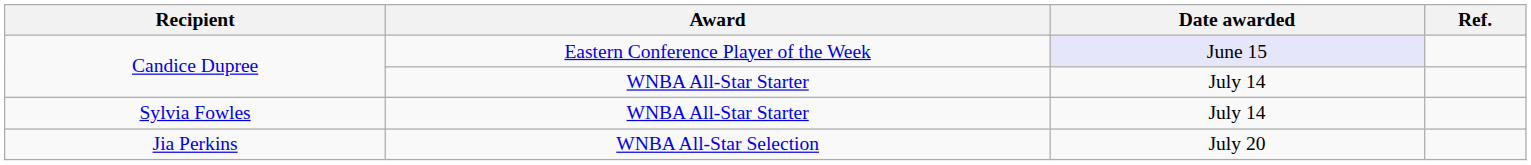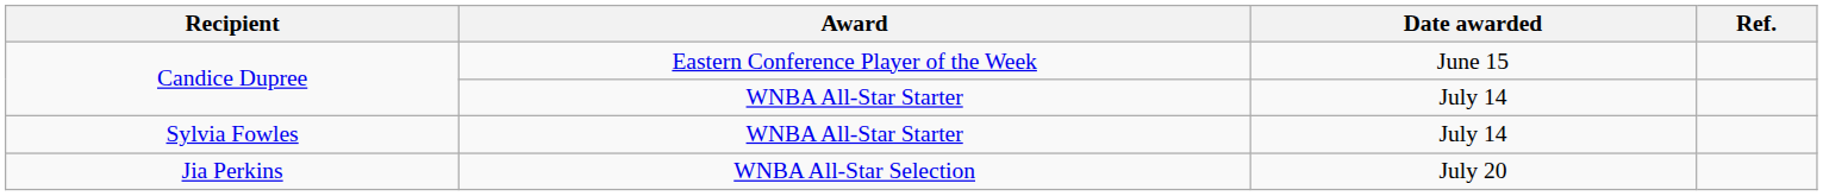 <table class="wikitable sortable sortable" style="text-align: center">
 <tr>
 <th style="width:5%;">Recipient</th>
 <th style="width:9%;">Award</th>
 <th style="width:5%;">Date awarded</th>
 <th style="width:1%;" class="unsortable">Ref.</th>
 </tr>
 <tr>
 <td rowspan=2><a href='#'>Candice Dupree</a></td>
 <td><a href='#'>Eastern Conference Player of the Week</a></td>
-<td style="background: lavender;">June 15</td>
+<td>June 15</td>
 <td></td>
 </tr>
 <tr>
 <td><a href='#'>WNBA All-Star Starter</a></td>
 <td>July 14</td>
 <td></td>
 </tr>
 <tr>
 <td><a href='#'>Sylvia Fowles</a></td>
 <td><a href='#'>WNBA All-Star Starter</a></td>
 <td>July 14</td>
 <td></td>
 </tr>
 <tr>
 <td><a href='#'>Jia Perkins</a></td>
 <td><a href='#'>WNBA All-Star Selection</a></td>
 <td>July 20</td>
 <td></td>
 </tr>
 </table>
